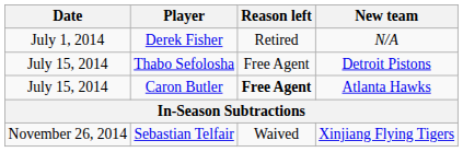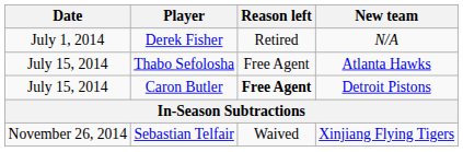 <table class="wikitable" style="text-align: center">
 <tr>
 <th>Date</th>
 <th>Player</th>
 <th>Reason left</th>
 <th>New team</th>
 </tr>
 <tr style="text-align: center">
 <td>July 1, 2014</td>
 <td><a href='#'>Derek Fisher</a></td>
 <td>Retired</td>
 <td><em>N/A</em></td>
 </tr>
 <tr style="text-align: center">
 <td>July 15, 2014</td>
 <td><a href='#'>Thabo Sefolosha</a></td>
 <td>Free Agent</td>
-<td><a href='#'>Detroit Pistons</a></td>
+<td><a href='#'>Atlanta Hawks</a></td>
 </tr>
 <tr style="text-align: center">
 <td>July 15, 2014</td>
 <td><a href='#'>Caron Butler</a></td>
 <td><strong>Free Agent</strong></td>
-<td><a href='#'>Atlanta Hawks</a></td>
+<td><a href='#'>Detroit Pistons</a></td>
 </tr>
 <tr>
 <th scope="row" colspan="6" style="text-align:center;”">In-Season Subtractions</th>
 </tr>
 <tr style="text-align: center">
 <td>November 26, 2014</td>
 <td><a href='#'>Sebastian Telfair</a></td>
 <td>Waived</td>
 <td> <a href='#'>Xinjiang Flying Tigers</a></td>
 </tr>
 </table>
